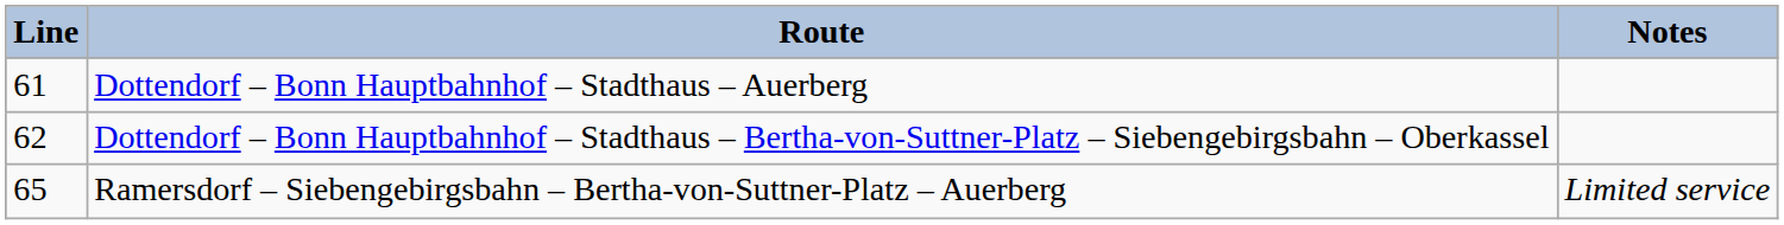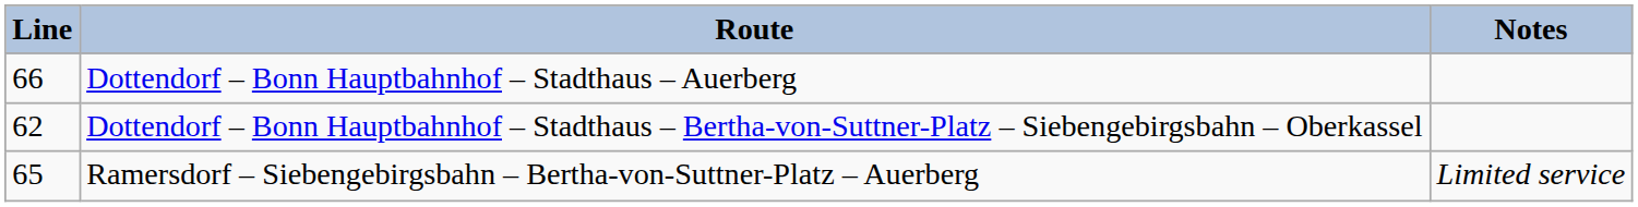 <table class="wikitable">
 <tr>
 <th style="background: lightsteelblue;">Line</th>
 <th style="background: lightsteelblue;">Route</th>
 <th style="background: lightsteelblue;">Notes</th>
 </tr>
 <tr>
-<td style="background-color:#">61</td>
+<td style="background-color:#">66</td>
 <td><a href='#'>Dottendorf</a> – <a href='#'>Bonn Hauptbahnhof</a> – Stadthaus – Auerberg</td>
 <td> </td>
 </tr>
 <tr>
 <td style="background-color:#">62</td>
 <td><a href='#'>Dottendorf</a> – <a href='#'>Bonn Hauptbahnhof</a> – Stadthaus – <a href='#'>Bertha-von-Suttner-Platz</a> – Siebengebirgsbahn – Oberkassel</td>
 <td> </td>
 </tr>
 <tr>
 <td style="background-color:#">65</td>
 <td>Ramersdorf – Siebengebirgsbahn – Bertha-von-Suttner-Platz – Auerberg</td>
 <td><em>Limited service</em></td>
 </tr>
 </table>
